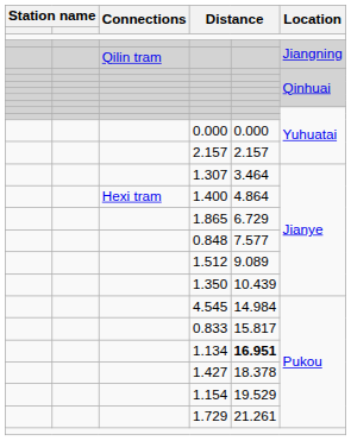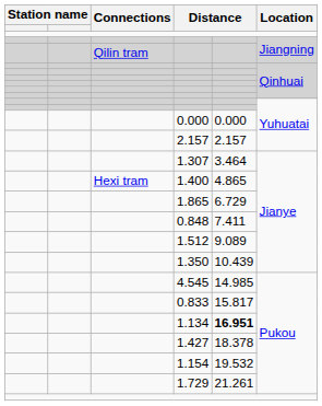 <table class="wikitable">
 <tr>
 <th colspan="2">Station name</th>
 <th rowspan="2">Connections</th>
 <th colspan="2" rowspan="2">Distance<br></th>
 <th rowspan="2">Location</th>
 </tr>
 <tr>
 <th></th>
 <th></th>
 </tr>
 <tr style="background:#">
 <td colspan = "6"></td>
 </tr>
 <tr style="background:lightgrey">
 <td></td>
 <td></td>
 <td></td>
 <td></td>
 <td></td>
 <td rowspan="2"><a href='#'>Jiangning</a></td>
 </tr>
 <tr style="background:lightgrey">
 <td></td>
 <td></td>
 <td> <a href='#'>Qilin tram</a></td>
 <td></td>
 <td></td>
 </tr>
 <tr style="background:lightgrey">
 <td></td>
 <td></td>
 <td></td>
 <td></td>
 <td></td>
 <td rowspan="6"><a href='#'>Qinhuai</a></td>
 </tr>
 <tr style="background:lightgrey">
 <td></td>
 <td></td>
 <td></td>
 <td></td>
 <td></td>
 </tr>
 <tr style="background:lightgrey">
 <td></td>
 <td></td>
 <td></td>
 <td></td>
 <td></td>
 </tr>
 <tr style="background:lightgrey">
 <td></td>
 <td></td>
 <td></td>
 <td></td>
 <td></td>
 </tr>
 <tr style="background:lightgrey">
 <td></td>
 <td></td>
 <td></td>
 <td></td>
 <td></td>
 </tr>
 <tr style="background:lightgrey">
 <td></td>
 <td></td>
 <td></td>
 <td></td>
 <td></td>
 </tr>
 <tr>
 <td style="background:lightgrey"></td>
 <td style="background:lightgrey"></td>
 <td style="background:lightgrey"></td>
 <td style="background:lightgrey"></td>
 <td style="background:lightgrey"></td>
 <td rowspan="4"><a href='#'>Yuhuatai</a></td>
 </tr>
 <tr style="background:lightgrey">
 <td></td>
 <td></td>
 <td></td>
 <td></td>
 <td></td>
 </tr>
 <tr>
 <td></td>
 <td></td>
 <td></td>
 <td>0.000</td>
 <td>0.000</td>
 </tr>
 <tr>
 <td></td>
 <td></td>
 <td></td>
 <td>2.157</td>
 <td>2.157</td>
 </tr>
 <tr>
 <td></td>
 <td></td>
 <td></td>
 <td>1.307</td>
 <td>3.464</td>
 <td rowspan="6"><a href='#'>Jianye</a></td>
 </tr>
 <tr>
 <td></td>
 <td></td>
 <td>  <a href='#'>Hexi tram</a></td>
 <td>1.400</td>
-<td>4.864</td>
+<td>4.865</td>
 </tr>
 <tr>
 <td></td>
 <td></td>
 <td></td>
 <td>1.865</td>
 <td>6.729</td>
 </tr>
 <tr>
 <td></td>
 <td></td>
 <td></td>
 <td>0.848</td>
-<td>7.577</td>
+<td>7.411</td>
 </tr>
 <tr>
 <td></td>
 <td></td>
 <td></td>
 <td>1.512</td>
 <td>9.089</td>
 </tr>
 <tr>
 <td></td>
 <td></td>
 <td></td>
 <td>1.350</td>
 <td>10.439</td>
 </tr>
 <tr>
 <td></td>
 <td></td>
 <td></td>
 <td>4.545</td>
-<td>14.984</td>
+<td>14.985</td>
 <td rowspan="6"><a href='#'>Pukou</a></td>
 </tr>
 <tr>
 <td></td>
 <td></td>
 <td></td>
 <td>0.833</td>
 <td>15.817</td>
 </tr>
 <tr>
 <td></td>
 <td></td>
 <td></td>
 <td>1.134</td>
 <td><strong>16.951</strong></td>
 </tr>
 <tr>
 <td></td>
 <td></td>
 <td></td>
 <td>1.427</td>
 <td>18.378</td>
 </tr>
 <tr>
 <td></td>
 <td></td>
 <td></td>
 <td>1.154</td>
-<td>19.529</td>
+<td>19.532</td>
 </tr>
 <tr>
 <td></td>
 <td></td>
 <td></td>
 <td>1.729</td>
 <td>21.261</td>
 </tr>
 <tr style="background:#">
 <td colspan = "7"></td>
 </tr>
 </table>
